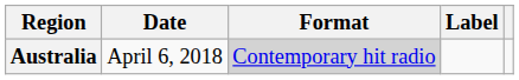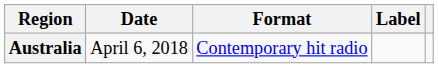 <table class="wikitable plainrowheaders">
 <tr>
 <th scope="col">Region</th>
 <th scope="col">Date</th>
 <th scope="col">Format</th>
 <th scope="col">Label</th>
 <th scope="col"></th>
 </tr>
 <tr>
 <th scope="row">Australia</th>
 <td>April 6, 2018</td>
-<td style="background: lightgrey;"><a href='#'>Contemporary hit radio</a></td>
+<td><a href='#'>Contemporary hit radio</a></td>
 <td></td>
 </tr>
 </table>
